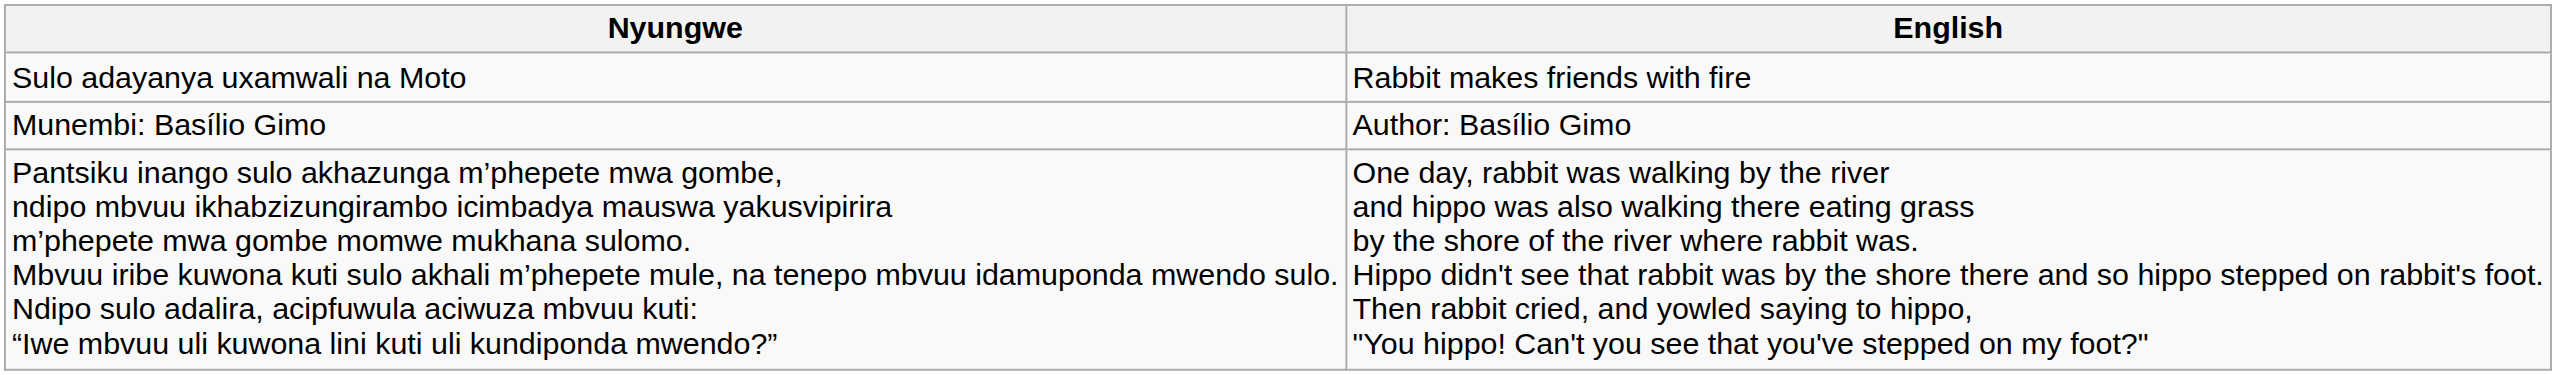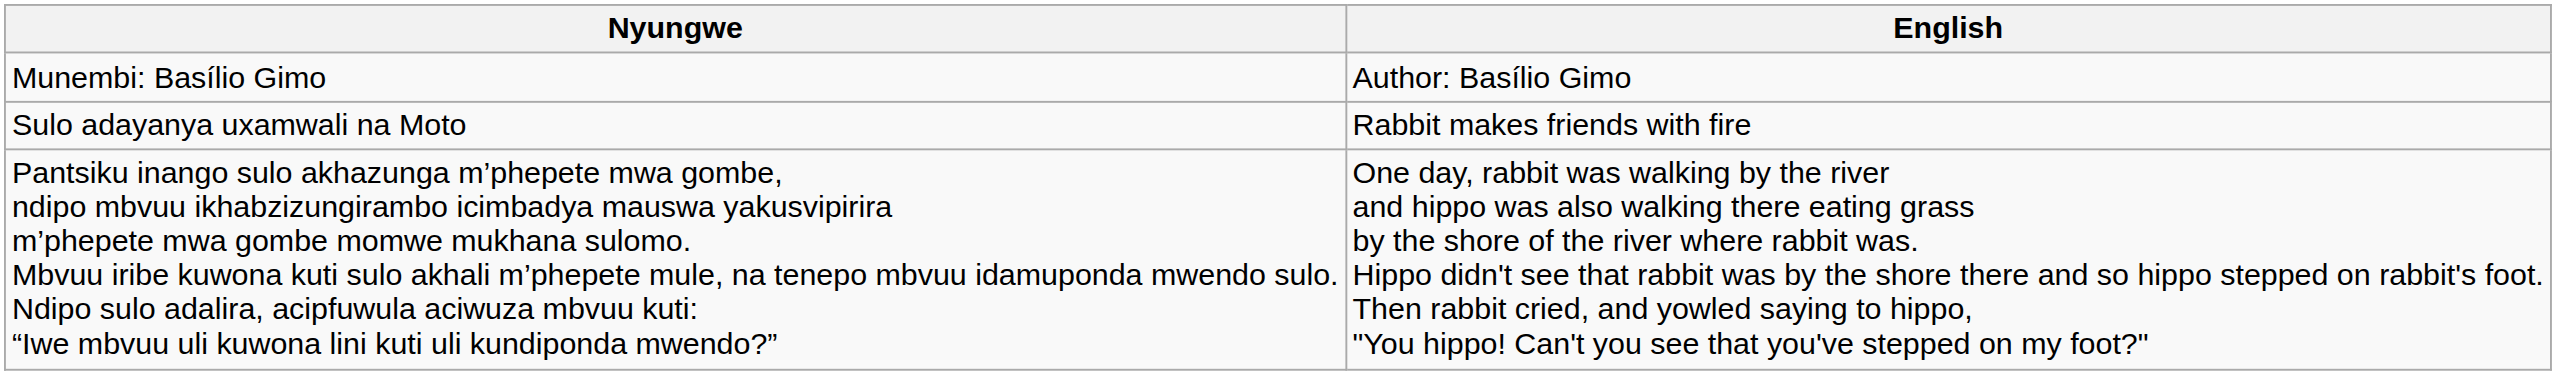 <table class="wikitable">
 <tr>
 <th>Nyungwe</th>
 <th>English</th>
 </tr>
 <tr>
+<td>Munembi: Basílio Gimo</td>
+<td>Author: Basílio Gimo</td>
+</tr>
+<tr>
 <td>Sulo adayanya uxamwali na Moto</td>
 <td>Rabbit makes friends with fire</td>
-</tr>
-<tr>
-<td>Munembi: Basílio Gimo</td>
-<td>Author: Basílio Gimo</td>
 </tr>
 <tr>
 <td>Pantsiku inango sulo akhazunga m’phepete mwa gombe,<br>ndipo mbvuu ikhabzizungirambo icimbadya mauswa yakusvipirira<br>m’phepete mwa gombe momwe mukhana sulomo.<br>Mbvuu iribe kuwona kuti sulo akhali m’phepete mule, na tenepo mbvuu idamuponda mwendo sulo.<br>Ndipo sulo adalira, acipfuwula aciwuza mbvuu kuti:<br>“Iwe mbvuu uli kuwona lini kuti uli kundiponda mwendo?”</td>
 <td>One day, rabbit was walking by the river<br>and hippo was also walking there eating grass<br>by the shore of the river where rabbit was.<br>Hippo didn't see that rabbit was by the shore there and so hippo stepped on rabbit's foot.<br>Then rabbit cried, and yowled saying to hippo,<br>"You hippo! Can't you see that you've stepped on my foot?"</td>
 </tr>
 </table>
